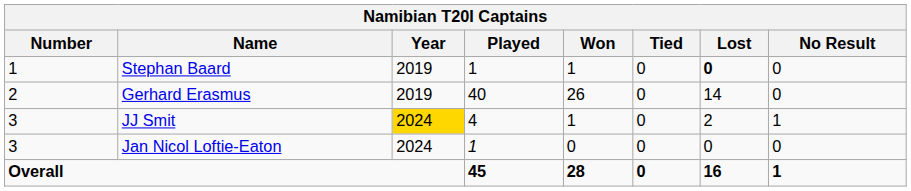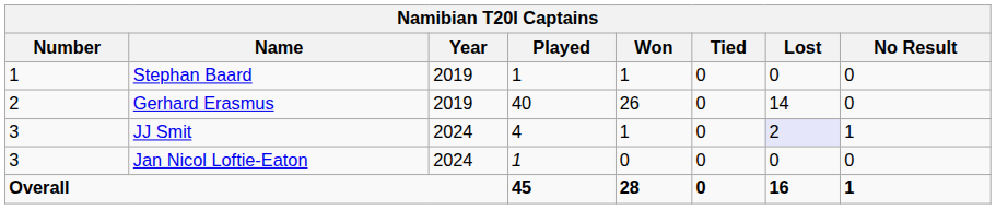 <table class="wikitable" width="70%">
 <tr>
 <th colspan="9" bgcolor="#efefef">Namibian T20I Captains</th>
 </tr>
 <tr bgcolor="#efefef">
 <th>Number</th>
 <th>Name</th>
 <th>Year</th>
 <th>Played</th>
 <th>Won</th>
 <th>Tied</th>
 <th>Lost</th>
 <th>No Result</th>
 </tr>
 <tr>
 <td>1</td>
 <td><a href='#'>Stephan Baard</a></td>
 <td>2019</td>
 <td>1</td>
 <td>1</td>
 <td>0</td>
-<td><strong>0</strong></td>
+<td>0</td>
 <td>0</td>
 </tr>
 <tr>
 <td>2</td>
 <td><a href='#'>Gerhard Erasmus</a></td>
 <td>2019</td>
 <td>40</td>
 <td>26</td>
 <td>0</td>
 <td>14</td>
 <td>0</td>
 </tr>
 <tr>
 <td>3</td>
 <td><a href='#'>JJ Smit</a></td>
-<td style="background: gold;">2024</td>
+<td>2024</td>
 <td>4</td>
 <td>1</td>
 <td>0</td>
-<td>2</td>
+<td style="background: lavender;">2</td>
 <td>1</td>
 </tr>
 <tr>
 <td>3</td>
 <td><a href='#'>Jan Nicol Loftie-Eaton</a></td>
 <td>2024</td>
 <td><em>1</em></td>
 <td>0</td>
 <td>0</td>
 <td>0</td>
 <td>0</td>
 </tr>
 <tr>
 <td colspan="3"><strong>Overall</strong></td>
 <td><strong>45</strong></td>
 <td><strong>28</strong></td>
 <td><strong>0</strong></td>
 <td><strong>16</strong></td>
 <td><strong>1</strong></td>
 </tr>
 </table>
